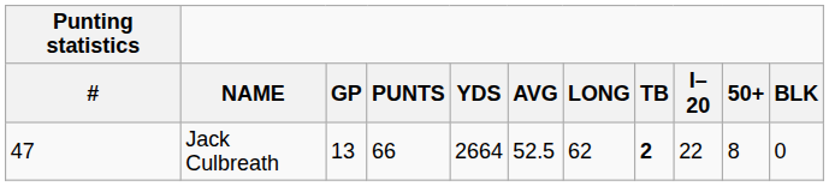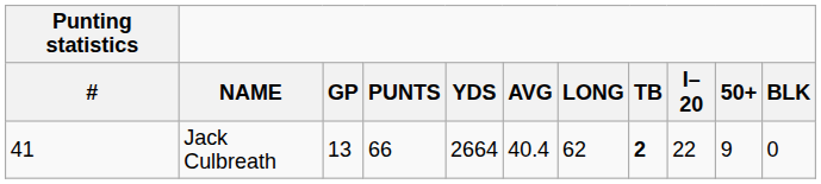 <table class="wikitable collapsible">
 <tr>
 <th style="text-align:center; ">Punting statistics</th>
 </tr>
 <tr>
 <th>#</th>
 <th>NAME</th>
 <th>GP</th>
 <th>PUNTS</th>
 <th>YDS</th>
 <th>AVG</th>
 <th>LONG</th>
 <th>TB</th>
 <th>I–20</th>
 <th>50+</th>
 <th>BLK</th>
 </tr>
 <tr>
-<td>47</td>
+<td>41</td>
 <td>Jack Culbreath</td>
 <td>13</td>
 <td>66</td>
 <td>2664</td>
-<td>52.5</td>
+<td>40.4</td>
 <td>62</td>
 <td><strong>2</strong></td>
 <td>22</td>
-<td>8</td>
+<td>9</td>
 <td>0</td>
 </tr>
 </table>
